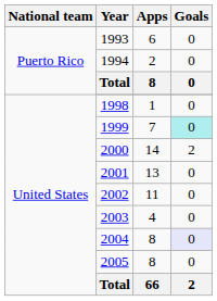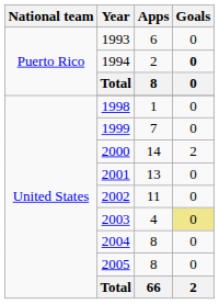 <table class="wikitable" style="text-align:center">
 <tr>
 <th>National team</th>
 <th>Year</th>
 <th>Apps</th>
 <th>Goals</th>
 </tr>
 <tr>
 <td rowspan=3><a href='#'>Puerto Rico</a></td>
 <td>1993</td>
 <td>6</td>
 <td>0</td>
 </tr>
 <tr>
 <td>1994</td>
 <td>2</td>
-<td>0</td>
+<td><strong>0</strong></td>
 </tr>
 <tr>
 <th>Total</th>
 <th>8</th>
 <th>0</th>
 </tr>
 <tr>
 <td rowspan=10><a href='#'>United States</a></td>
 </tr>
 <tr>
 <td><a href='#'>1998</a></td>
 <td>1</td>
 <td>0</td>
 </tr>
 <tr>
 <td><a href='#'>1999</a></td>
 <td>7</td>
-<td style="background: paleturquoise;">0</td>
+<td>0</td>
 </tr>
 <tr>
 <td><a href='#'>2000</a></td>
 <td>14</td>
 <td>2</td>
 </tr>
 <tr>
 <td><a href='#'>2001</a></td>
 <td>13</td>
 <td>0</td>
 </tr>
 <tr>
 <td><a href='#'>2002</a></td>
 <td>11</td>
 <td>0</td>
 </tr>
 <tr>
 <td><a href='#'>2003</a></td>
 <td>4</td>
-<td>0</td>
+<td style="background: khaki;">0</td>
 </tr>
 <tr>
 <td><a href='#'>2004</a></td>
 <td>8</td>
-<td style="background: lavender;">0</td>
+<td>0</td>
 </tr>
 <tr>
 <td><a href='#'>2005</a></td>
 <td>8</td>
 <td>0</td>
 </tr>
 <tr>
 <th>Total</th>
 <th>66</th>
 <th>2</th>
 </tr>
 </table>
